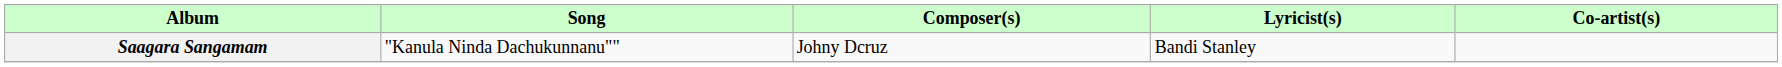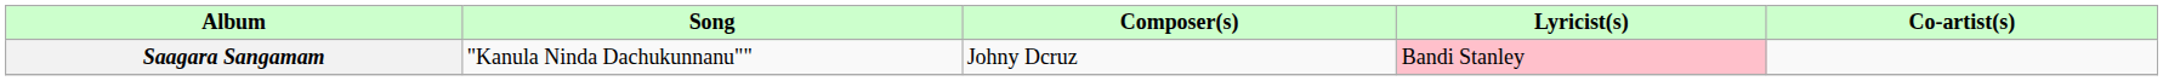 <table class="wikitable plainrowheaders" width="100%" textcolor:#000;">
 <tr style="background:#cfc; text-align:center;">
 <td scope="col" width="21%"><strong>Album</strong></td>
 <td scope="col" width=23%><strong>Song</strong></td>
 <td scope="col" width=20%><strong>Composer(s)</strong></td>
 <td scope="col" width=17%><strong>Lyricist(s)</strong></td>
 <td scope="col" width=18%><strong>Co-artist(s)</strong></td>
 </tr>
 <tr>
 <th scope="untitled"><em>Saagara Sangamam</em></th>
 <td>"Kanula Ninda Dachukunnanu""</td>
 <td>Johny Dcruz</td>
-<td>Bandi Stanley</td>
+<td style="background: pink;">Bandi Stanley</td>
 <td></td>
 </tr>
 <tr>
 </tr>
 </table>
